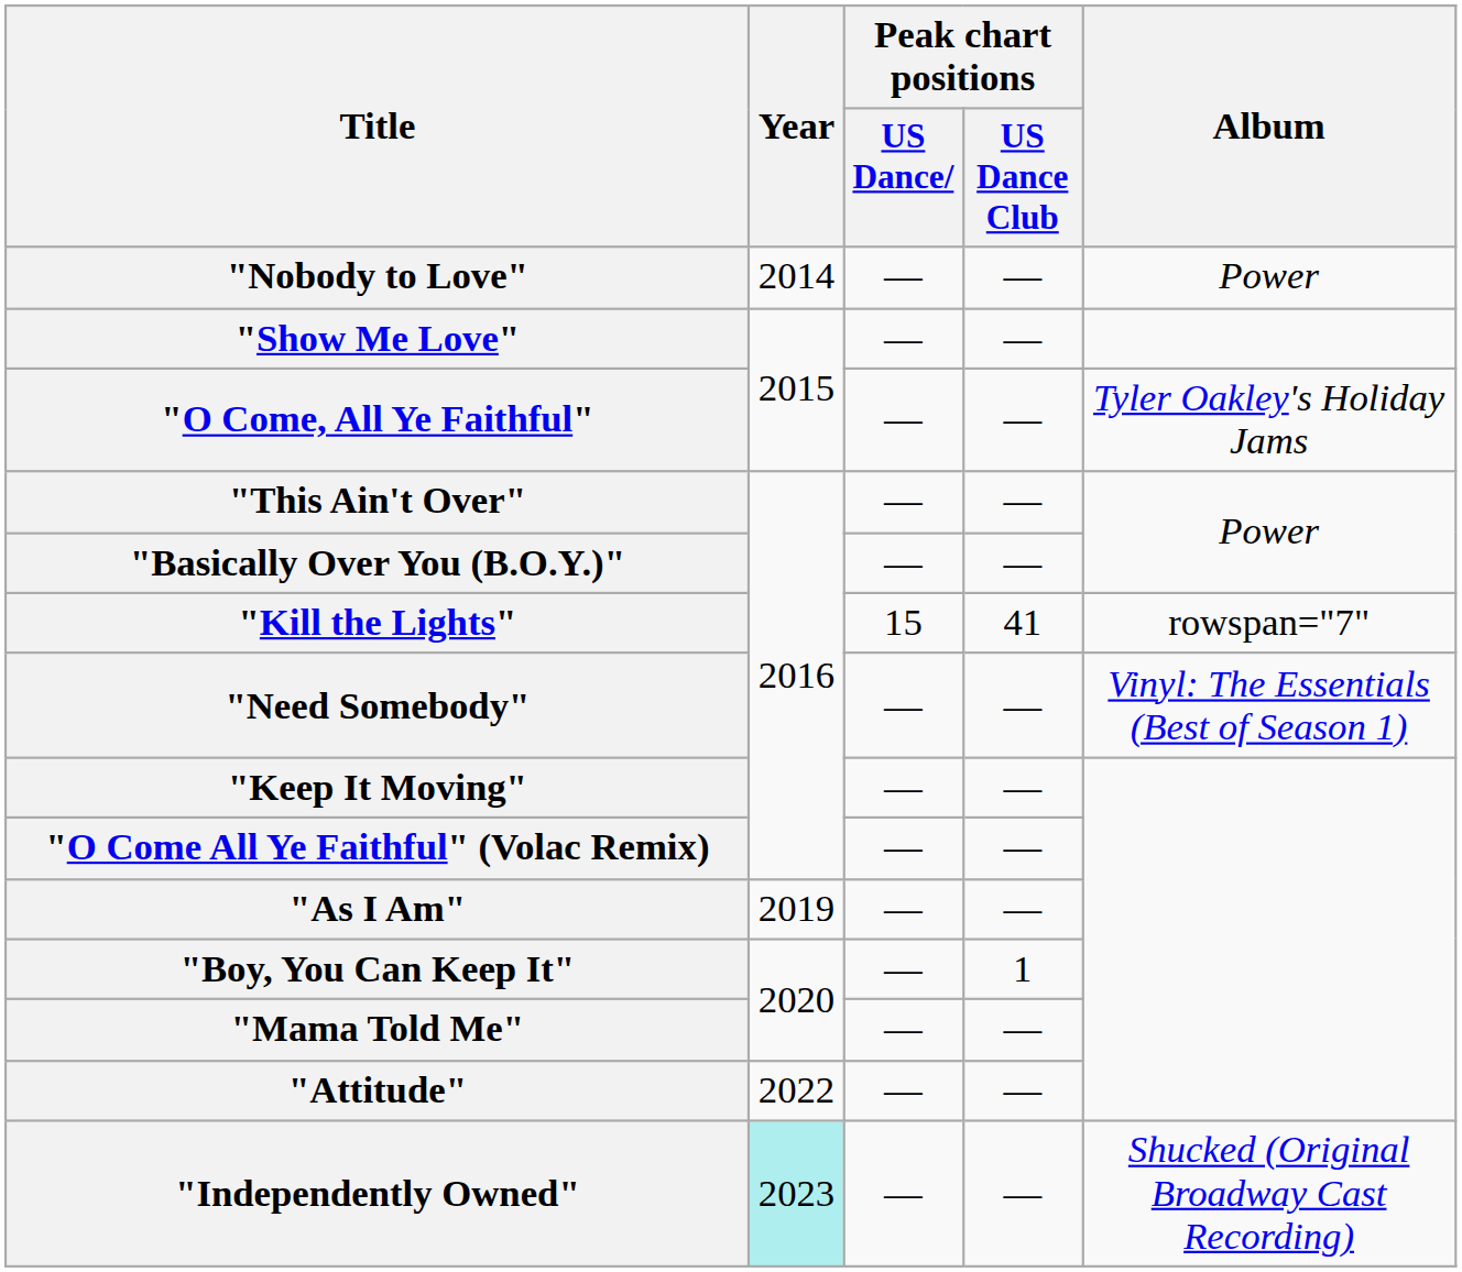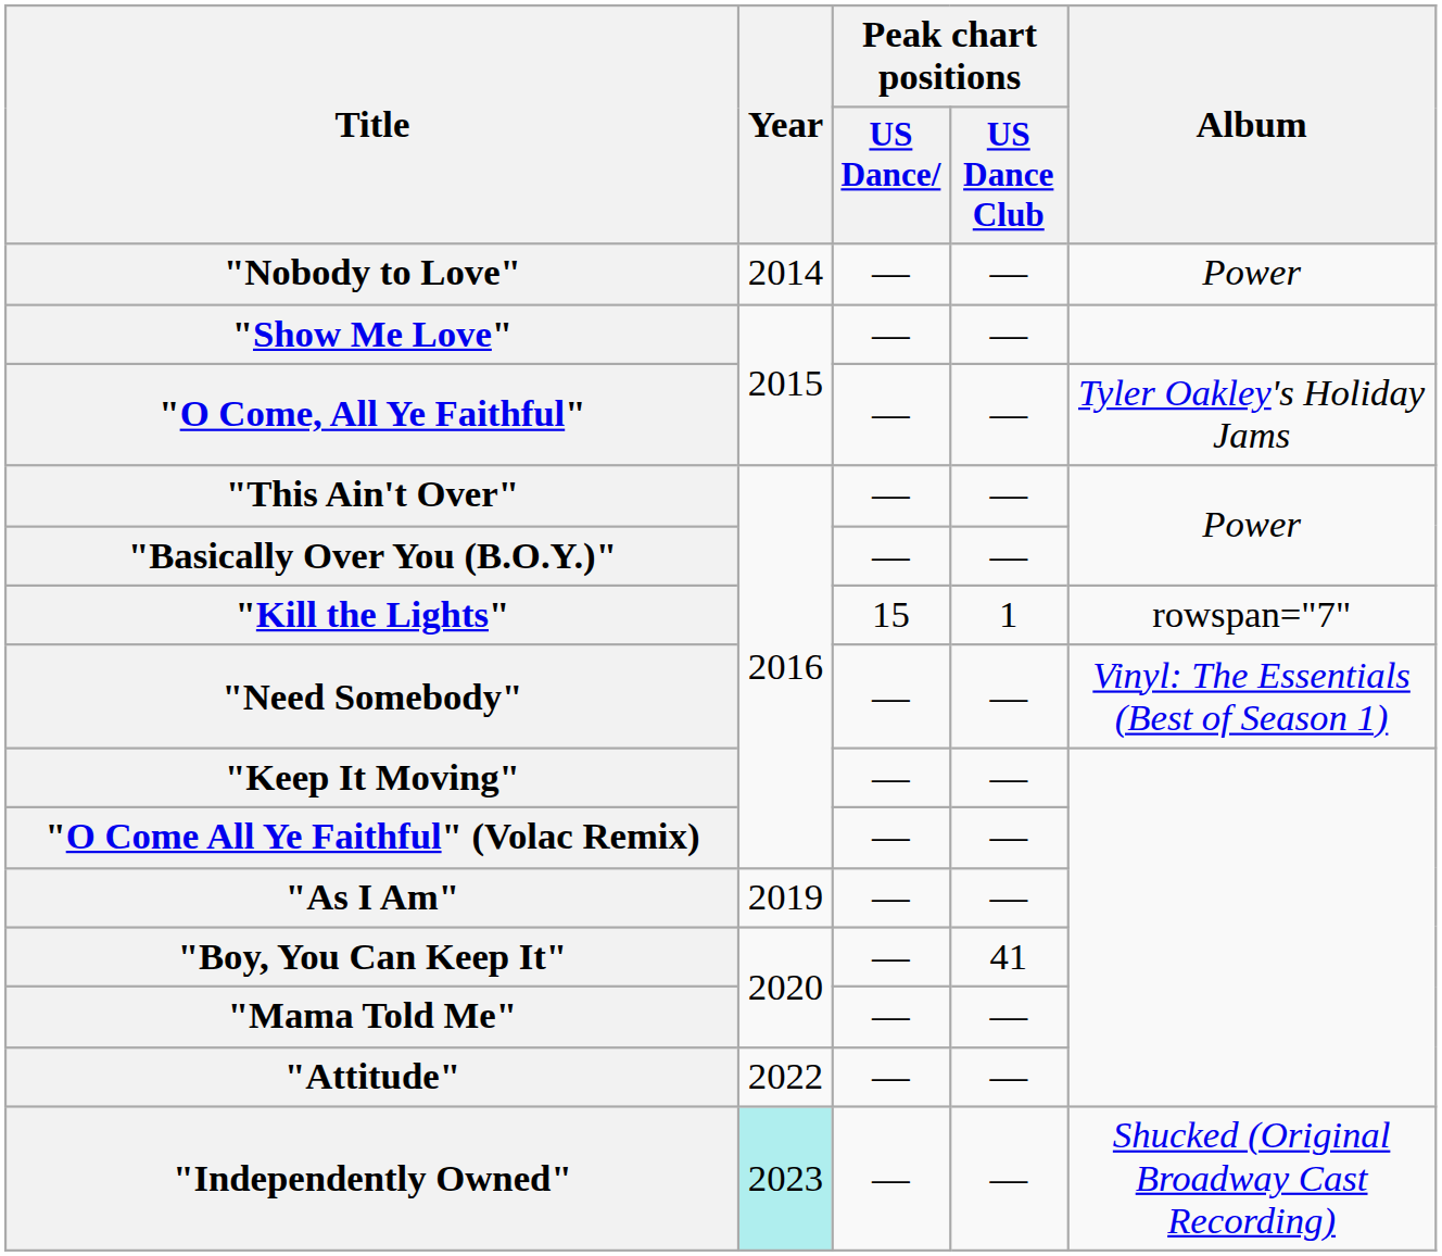 <table class="wikitable plainrowheaders" style="text-align:center;">
 <tr>
 <th scope="col" rowspan="2" style="width:19em;">Title</th>
 <th scope="col" rowspan="2" style="width:1em;">Year</th>
 <th scope="col" colspan="2">Peak chart positions</th>
 <th scope="col" rowspan="2">Album</th>
 </tr>
 <tr>
 <th scope="col" style="width:3em;font-size:90%;"><a href='#'>US<br>Dance/<br></a><br></th>
 <th scope="col" style="width:3em;font-size:90%;"><a href='#'>US<br>Dance<br>Club</a><br></th>
 </tr>
 <tr>
 <th scope="row">"Nobody to Love"</th>
 <td>2014</td>
 <td>—</td>
 <td>—</td>
 <td><em>Power</em></td>
 </tr>
 <tr>
 <th scope="row">"<a href='#'>Show Me Love</a>"<br></th>
 <td rowspan="2">2015</td>
 <td>—</td>
 <td>—</td>
 <td></td>
 </tr>
 <tr>
 <th scope="row">"<a href='#'>O Come, All Ye Faithful</a>"</th>
 <td>—</td>
 <td>—</td>
 <td><em><a href='#'>Tyler Oakley</a>'s Holiday Jams</em></td>
 </tr>
 <tr>
 <th scope="row">"This Ain't Over"</th>
 <td rowspan="6">2016</td>
 <td>—</td>
 <td>—</td>
 <td rowspan="2"><em>Power</em></td>
 </tr>
 <tr>
 <th scope="row">"Basically Over You (B.O.Y.)"</th>
 <td>—</td>
 <td>—</td>
 </tr>
 <tr>
 <th scope="row">"<a href='#'>Kill the Lights</a>"<br></th>
 <td>15</td>
-<td>41</td>
+<td>1</td>
 <td>rowspan="7" </td>
 </tr>
 <tr>
 <th scope="row">"Need Somebody"</th>
 <td>—</td>
 <td>—</td>
 <td><em><a href='#'>Vinyl: The Essentials (Best of Season 1)</a></em></td>
 </tr>
 <tr>
 <th scope="row">"Keep It Moving"</th>
 <td>—</td>
 <td>—</td>
 </tr>
 <tr>
 <th scope="row">"<a href='#'>O Come All Ye Faithful</a>" (Volac Remix)</th>
 <td>—</td>
 <td>—</td>
 </tr>
 <tr>
 <th scope="row">"As I Am" <br></th>
 <td>2019</td>
 <td>—</td>
 <td>—</td>
 </tr>
 <tr>
 <th scope="row">"Boy, You Can Keep It"</th>
 <td rowspan="2">2020</td>
 <td>—</td>
-<td>1</td>
+<td>41</td>
 </tr>
 <tr>
 <th scope="row">"Mama Told Me"</th>
 <td>—</td>
 <td>—</td>
 </tr>
 <tr>
 <th scope="row">"Attitude"</th>
 <td>2022</td>
 <td>—</td>
 <td>—</td>
 </tr>
 <tr>
 <th scope="row">"Independently Owned"</th>
 <td style="background: paleturquoise;">2023</td>
 <td>—</td>
 <td>—</td>
 <td><em><a href='#'>Shucked (Original Broadway Cast Recording)</a></em></td>
 </tr>
 </table>
